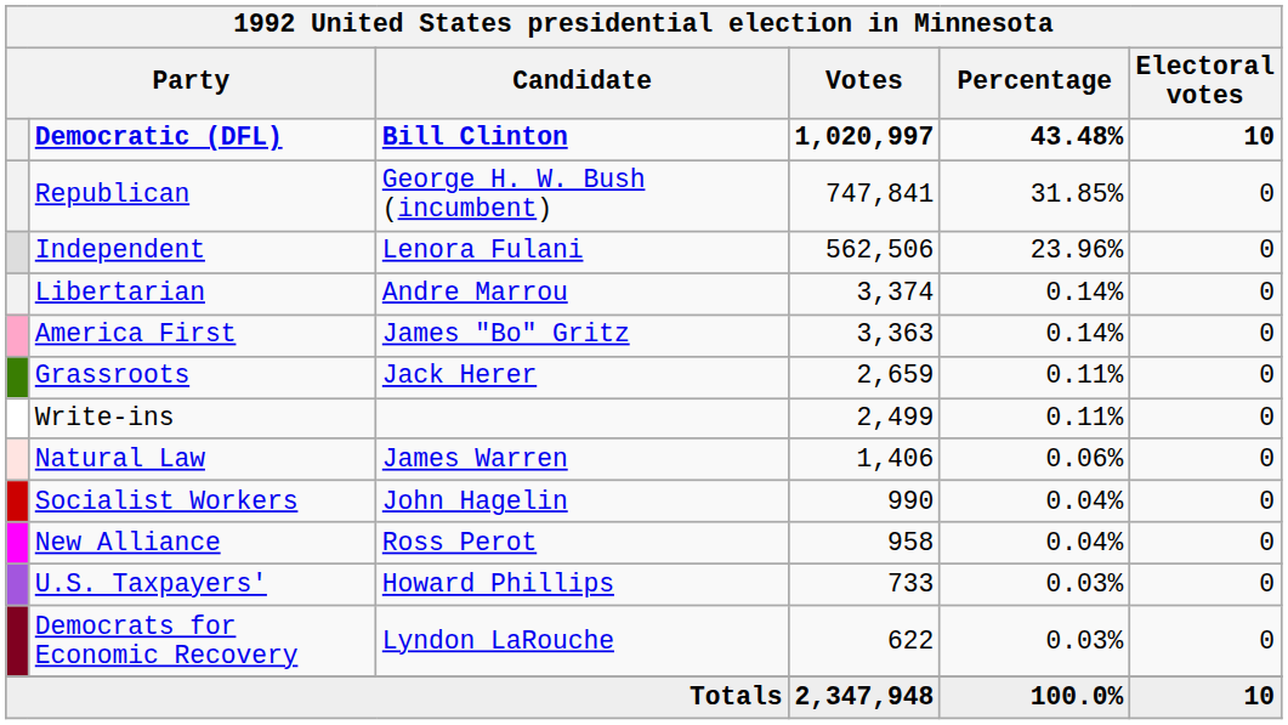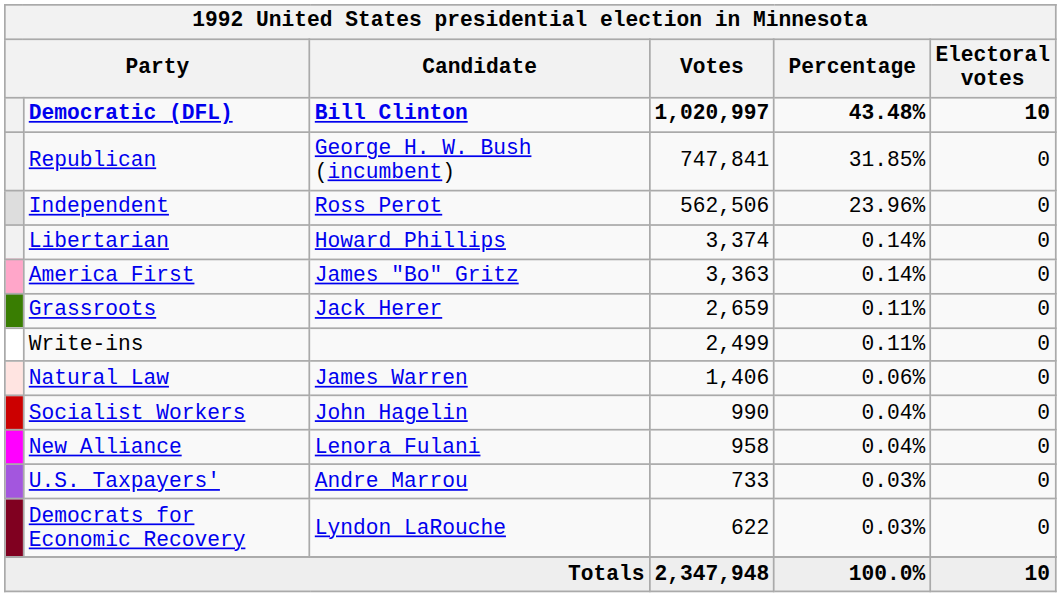 <table class="wikitable" style="font-size: 95%;">
 <tr>
 <th colspan="6">1992 United States presidential election in Minnesota</th>
 </tr>
 <tr>
 <th colspan="2" style="width: 15em">Party</th>
 <th style="width: 17em">Candidate</th>
 <th style="width: 5em">Votes</th>
 <th style="width: 7em">Percentage</th>
 <th style="width: 5em">Electoral votes</th>
 </tr>
 <tr>
 <th style="background-color:"></th>
 <td style="width: 130px"><strong><a href='#'>Democratic (DFL)</a></strong></td>
 <td><strong><a href='#'>Bill Clinton</a></strong></td>
 <td align="right"><strong>1,020,997</strong></td>
 <td align="right"><strong>43.48%</strong></td>
 <td align="right"><strong>10</strong></td>
 </tr>
 <tr>
 <th style="background-color:"></th>
 <td style="width: 130px"><a href='#'>Republican</a></td>
 <td><a href='#'>George H. W. Bush</a> (<a href='#'>incumbent</a>)</td>
 <td align="right">747,841</td>
 <td align="right">31.85%</td>
 <td align="right">0</td>
 </tr>
 <tr>
 <th style="background-color:#DDDDDD; width: 3px"></th>
 <td style="width: 130px"><a href='#'>Independent</a></td>
-<td><a href='#'>Lenora Fulani</a></td>
+<td><a href='#'>Ross Perot</a></td>
 <td align="right">562,506</td>
 <td align="right">23.96%</td>
 <td align="right">0</td>
 </tr>
 <tr>
 <th style="background-color:"></th>
 <td style="width: 130px"><a href='#'>Libertarian</a></td>
-<td><a href='#'>Andre Marrou</a></td>
+<td><a href='#'>Howard Phillips</a></td>
 <td align="right">3,374</td>
 <td align="right">0.14%</td>
 <td align="right">0</td>
 </tr>
 <tr>
 <th style="background-color:#FFA6C9; width: 3px"></th>
 <td style="width: 130px"><a href='#'>America First</a></td>
 <td><a href='#'>James "Bo" Gritz</a></td>
 <td align="right">3,363</td>
 <td align="right">0.14%</td>
 <td align="right">0</td>
 </tr>
 <tr>
 <th style="background-color:#397D02; width: 3px"></th>
 <td style="width: 130px"><a href='#'>Grassroots</a></td>
 <td><a href='#'>Jack Herer</a></td>
 <td align="right">2,659</td>
 <td align="right">0.11%</td>
 <td align="right">0</td>
 </tr>
 <tr>
 <th style="background-color:#FFFFFF; width: 3px"></th>
 <td style="width: 130px">Write-ins</td>
 <td></td>
 <td align="right">2,499</td>
 <td align="right">0.11%</td>
 <td align="right">0</td>
 </tr>
 <tr>
 <th style="background-color:#ffe4e1; width: 3px"></th>
 <td style="width: 130px"><a href='#'>Natural Law</a></td>
 <td><a href='#'>James Warren</a></td>
 <td align="right">1,406</td>
 <td align="right">0.06%</td>
 <td align="right">0</td>
 </tr>
 <tr>
 <th style="background-color:#CC0000; width: 3px"></th>
 <td style="width: 130px"><a href='#'>Socialist Workers</a></td>
 <td><a href='#'>John Hagelin</a></td>
 <td align="right">990</td>
 <td align="right">0.04%</td>
 <td align="right">0</td>
 </tr>
 <tr>
 <th style="background-color:#FF00FF; width: 3px"></th>
 <td style="width: 130px"><a href='#'>New Alliance</a></td>
-<td><a href='#'>Ross Perot</a></td>
+<td><a href='#'>Lenora Fulani</a></td>
 <td align="right">958</td>
 <td align="right">0.04%</td>
 <td align="right">0</td>
 </tr>
 <tr>
 <th style="background-color:#A356DE; width: 3px"></th>
 <td style="width: 130px"><a href='#'>U.S. Taxpayers'</a></td>
-<td><a href='#'>Howard Phillips</a></td>
+<td><a href='#'>Andre Marrou</a></td>
 <td align="right">733</td>
 <td align="right">0.03%</td>
 <td align="right">0</td>
 </tr>
 <tr>
 <th style="background-color:#800020; width: 3px"></th>
 <td style="width: 130px"><a href='#'>Democrats for Economic Recovery</a></td>
 <td><a href='#'>Lyndon LaRouche</a></td>
 <td align="right">622</td>
 <td align="right">0.03%</td>
 <td align="right">0</td>
 </tr>
 <tr>
 </tr>
 <tr bgcolor="#EEEEEE">
 <td colspan="3" align="right"><strong>Totals</strong></td>
 <td align="right"><strong>2,347,948</strong></td>
 <td align="right"><strong>100.0%</strong></td>
 <td align="right"><strong>10</strong></td>
 </tr>
 </table>
